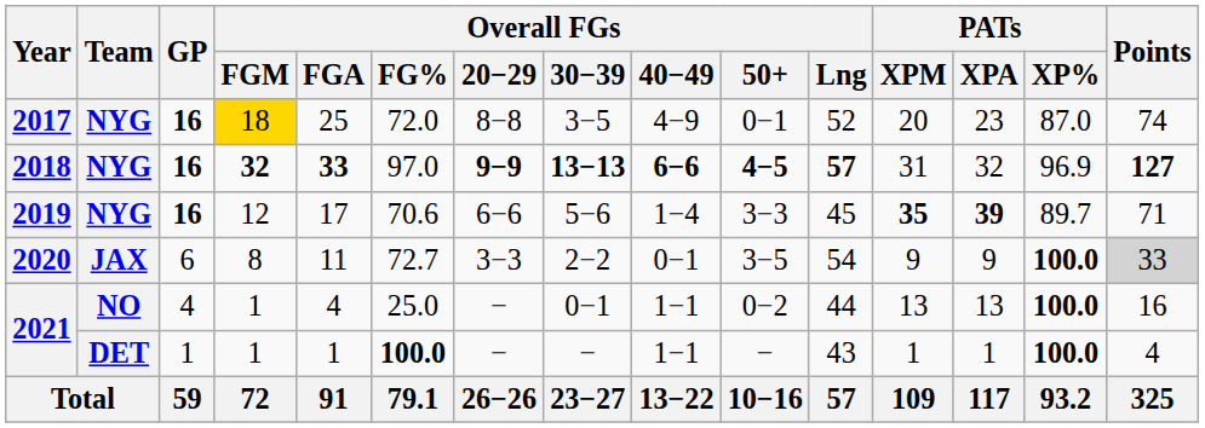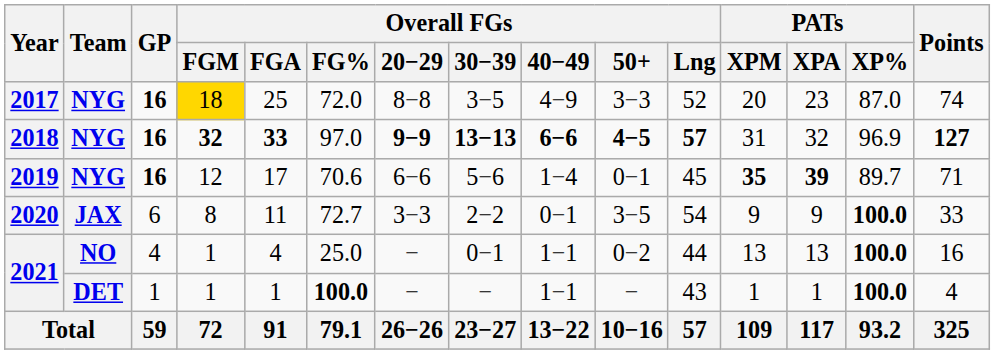 <table class="wikitable" style="text-align:center">
 <tr>
 <th rowspan="2">Year</th>
 <th rowspan="2">Team</th>
 <th rowspan="2">GP</th>
 <th colspan="8">Overall FGs</th>
 <th colspan="3">PATs</th>
 <th rowspan="2">Points</th>
 </tr>
 <tr>
 <th>FGM</th>
 <th>FGA</th>
 <th>FG%</th>
 <th>20−29</th>
 <th>30−39</th>
 <th>40−49</th>
 <th>50+</th>
 <th>Lng</th>
 <th>XPM</th>
 <th>XPA</th>
 <th>XP%</th>
 </tr>
 <tr>
 <th><a href='#'>2017</a></th>
 <th><a href='#'>NYG</a></th>
 <td><strong>16</strong></td>
 <td style="background: gold;">18</td>
 <td>25</td>
 <td>72.0</td>
 <td>8−8</td>
 <td>3−5</td>
 <td>4−9</td>
-<td>0−1</td>
+<td>3−3</td>
 <td>52</td>
 <td>20</td>
 <td>23</td>
 <td>87.0</td>
 <td>74</td>
 </tr>
 <tr>
 <th><a href='#'>2018</a></th>
 <th><a href='#'>NYG</a></th>
 <td><strong>16</strong></td>
 <td><strong>32</strong></td>
 <td><strong>33</strong></td>
 <td>97.0</td>
 <td><strong>9−9</strong></td>
 <td><strong>13−13</strong></td>
 <td><strong>6−6</strong></td>
 <td><strong>4−5</strong></td>
 <td><strong>57</strong></td>
 <td>31</td>
 <td>32</td>
 <td>96.9</td>
 <td><strong>127</strong></td>
 </tr>
 <tr>
 <th><a href='#'>2019</a></th>
 <th><a href='#'>NYG</a></th>
 <td><strong>16</strong></td>
 <td>12</td>
 <td>17</td>
 <td>70.6</td>
 <td>6−6</td>
 <td>5−6</td>
 <td>1−4</td>
-<td>3−3</td>
+<td>0−1</td>
 <td>45</td>
 <td><strong>35</strong></td>
 <td><strong>39</strong></td>
 <td>89.7</td>
 <td>71</td>
 </tr>
 <tr>
 <th><a href='#'>2020</a></th>
 <th><a href='#'>JAX</a></th>
 <td>6</td>
 <td>8</td>
 <td>11</td>
 <td>72.7</td>
 <td>3−3</td>
 <td>2−2</td>
 <td>0−1</td>
 <td>3−5</td>
 <td>54</td>
 <td>9</td>
 <td>9</td>
 <td><strong>100.0</strong></td>
-<td style="background: lightgrey;">33</td>
+<td>33</td>
 </tr>
 <tr>
 <th rowspan="2"><a href='#'>2021</a></th>
 <th><a href='#'>NO</a></th>
 <td>4</td>
 <td>1</td>
 <td>4</td>
 <td>25.0</td>
 <td>−</td>
 <td>0−1</td>
 <td>1−1</td>
 <td>0−2</td>
 <td>44</td>
 <td>13</td>
 <td>13</td>
 <td><strong>100.0</strong></td>
 <td>16</td>
 </tr>
 <tr>
 <th><a href='#'>DET</a></th>
 <td>1</td>
 <td>1</td>
 <td>1</td>
 <td><strong>100.0</strong></td>
 <td>−</td>
 <td>−</td>
 <td>1−1</td>
 <td>−</td>
 <td>43</td>
 <td>1</td>
 <td>1</td>
 <td><strong>100.0</strong></td>
 <td>4</td>
 </tr>
 <tr>
 <th colspan="2">Total</th>
 <th>59</th>
 <th>72</th>
 <th>91</th>
 <th>79.1</th>
 <th>26−26</th>
 <th>23−27</th>
 <th>13−22</th>
 <th>10−16</th>
 <th>57</th>
 <th>109</th>
 <th>117</th>
 <th>93.2</th>
 <th>325</th>
 </tr>
 </table>
